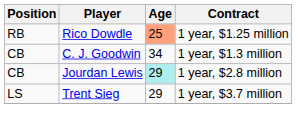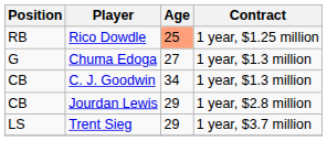 <table class="wikitable">
 <tr>
 <th>Position</th>
 <th>Player</th>
 <th>Age</th>
 <th>Contract</th>
 </tr>
 <tr>
 <td>RB</td>
 <td><a href='#'>Rico Dowdle</a></td>
 <td style="background: lightsalmon;">25</td>
 <td>1 year, $1.25 million</td>
 </tr>
 <tr>
+<td>G</td>
+<td><a href='#'>Chuma Edoga</a></td>
+<td>27</td>
+<td>1 year, $1.3 million</td>
+</tr>
+<tr>
 <td>CB</td>
 <td><a href='#'>C. J. Goodwin</a></td>
 <td>34</td>
 <td>1 year, $1.3 million</td>
 </tr>
 <tr>
 <td>CB</td>
 <td><a href='#'>Jourdan Lewis</a></td>
-<td style="background: paleturquoise;">29</td>
+<td>29</td>
 <td>1 year, $2.8 million</td>
 </tr>
 <tr>
 <td>LS</td>
 <td><a href='#'>Trent Sieg</a></td>
 <td>29</td>
 <td>1 year, $3.7 million</td>
 </tr>
 <tr>
 </tr>
 </table>
